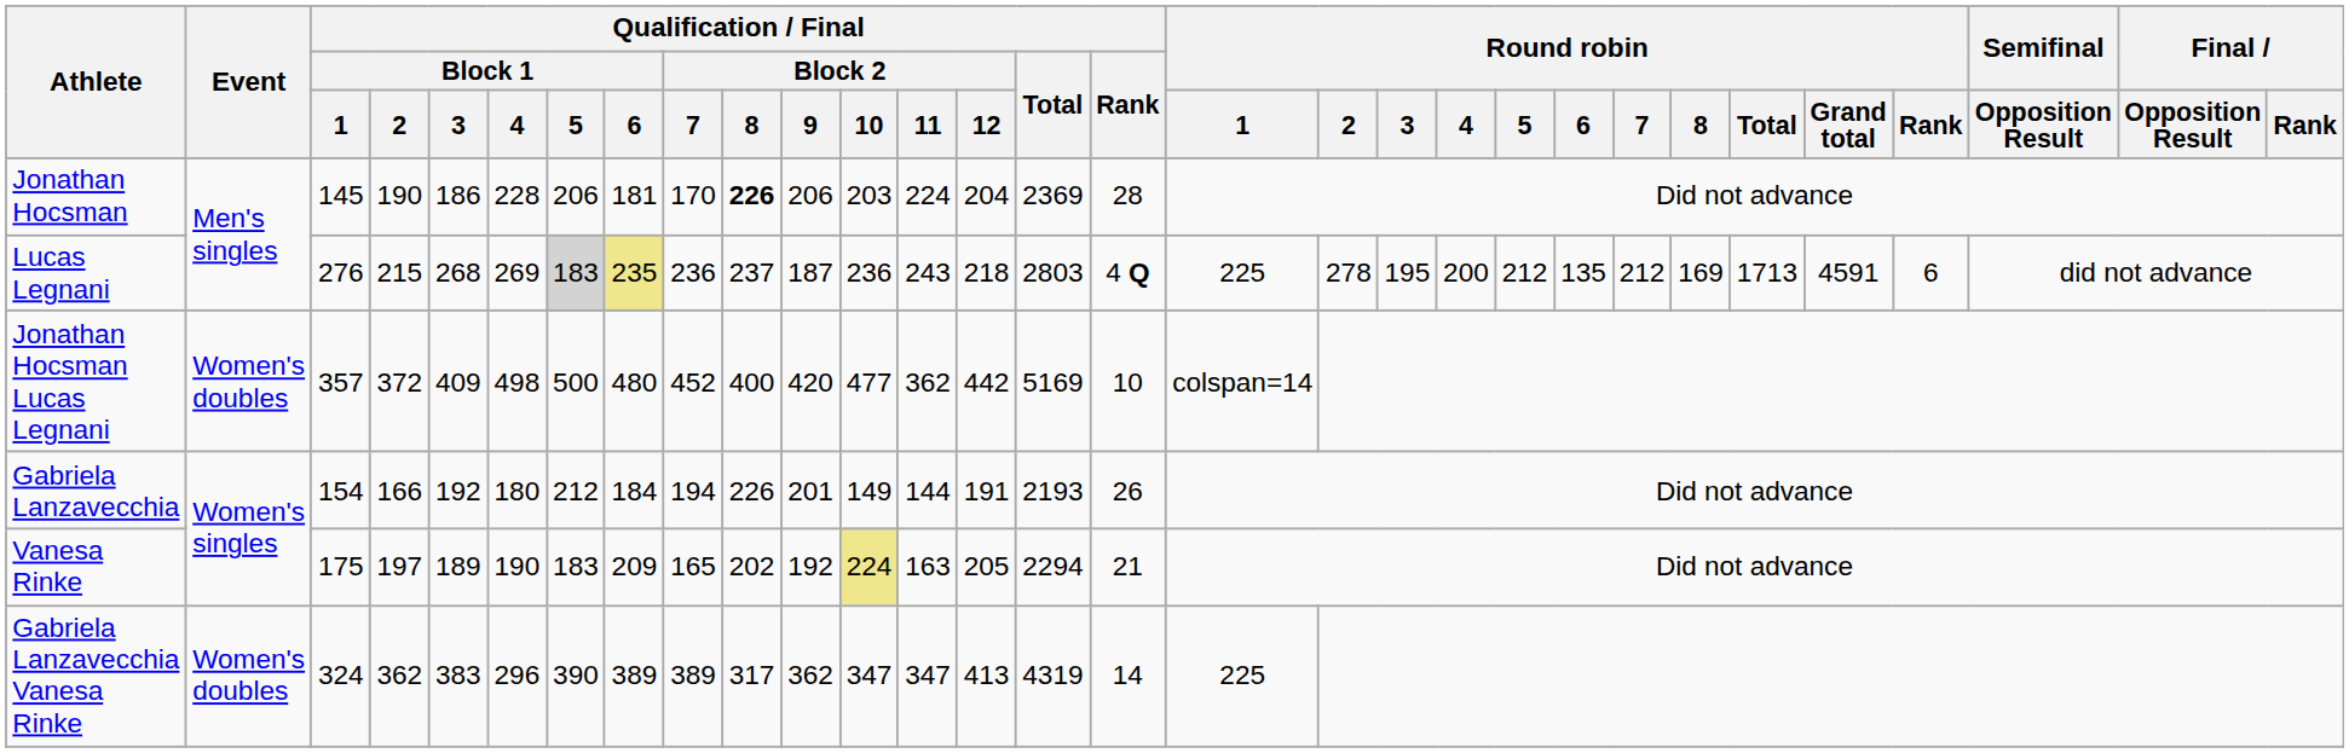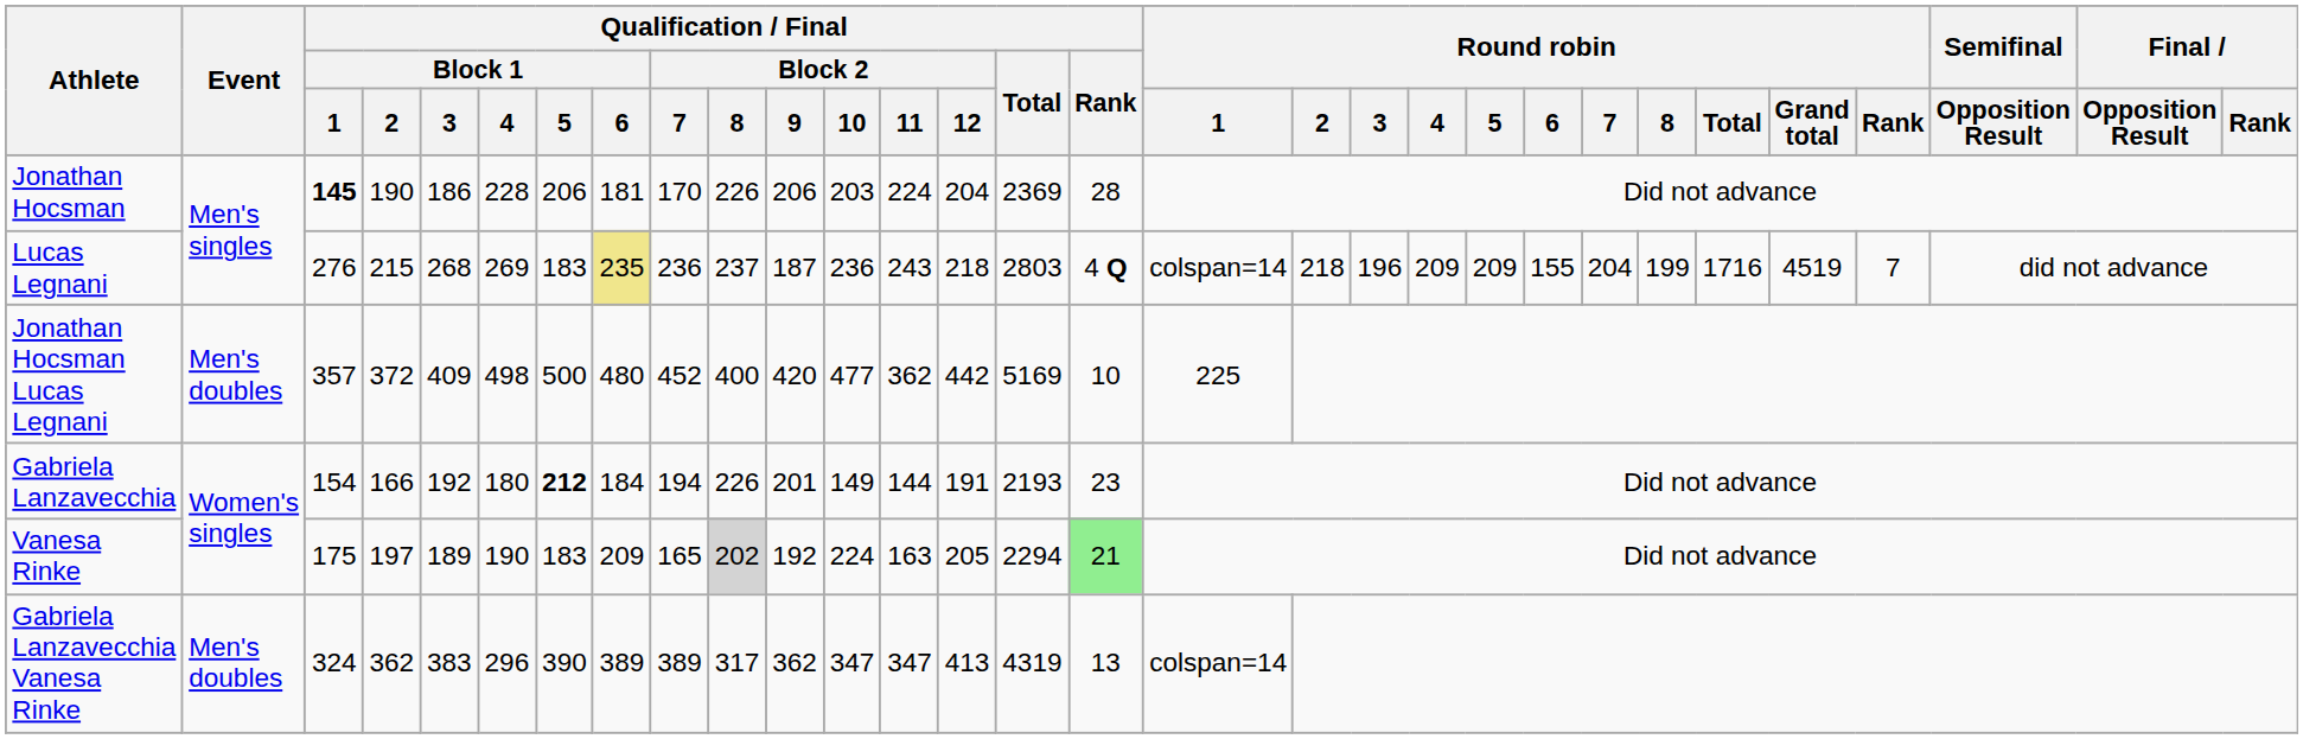 <table class="wikitable" style="font-size:75%;text-align:center">
 <tr>
 <th rowspan=3>Athlete</th>
 <th rowspan=3>Event</th>
 <th colspan=14>Qualification / Final</th>
 <th colspan=11 rowspan=2>Round robin</th>
 <th rowspan=2>Semifinal</th>
 <th rowspan=2 colspan=2>Final / </th>
 </tr>
 <tr style=font-size:95%>
 <th colspan=6>Block 1</th>
 <th colspan=6>Block 2</th>
 <th rowspan=2>Total</th>
 <th rowspan=2>Rank</th>
 </tr>
 <tr style=font-size:95%>
 <th>1</th>
 <th>2</th>
 <th>3</th>
 <th>4</th>
 <th>5</th>
 <th>6</th>
 <th>7</th>
 <th>8</th>
 <th>9</th>
 <th>10</th>
 <th>11</th>
 <th>12</th>
 <th>1</th>
 <th>2</th>
 <th>3</th>
 <th>4</th>
 <th>5</th>
 <th>6</th>
 <th>7</th>
 <th>8</th>
 <th>Total</th>
 <th>Grand total</th>
 <th>Rank</th>
 <th>Opposition<br>Result</th>
 <th>Opposition<br>Result</th>
 <th>Rank</th>
 </tr>
 <tr>
 <td style="text-align:left"><a href='#'>Jonathan Hocsman</a></td>
 <td style="text-align:left" rowspan=2><a href='#'>Men's singles</a></td>
-<td>145</td>
+<td><strong>145</strong></td>
 <td>190</td>
 <td>186</td>
 <td>228</td>
 <td>206</td>
 <td>181</td>
 <td>170</td>
-<td><strong>226</strong></td>
+<td>226</td>
 <td>206</td>
 <td>203</td>
 <td>224</td>
 <td>204</td>
 <td>2369</td>
 <td>28</td>
 <td colspan=14>Did not advance</td>
 </tr>
 <tr>
 <td style="text-align:left"><a href='#'>Lucas Legnani</a></td>
 <td>276</td>
 <td>215</td>
 <td>268</td>
 <td>269</td>
-<td style="background: lightgrey;">183</td>
+<td>183</td>
 <td style="background: khaki;">235</td>
 <td>236</td>
 <td>237</td>
 <td>187</td>
 <td>236</td>
 <td>243</td>
 <td>218</td>
 <td>2803</td>
 <td>4 <strong>Q</strong></td>
-<td>225</td>
-<td>278</td>
-<td>195</td>
-<td>200</td>
-<td>212</td>
-<td>135</td>
-<td>212</td>
-<td>169</td>
-<td>1713</td>
-<td>4591</td>
-<td>6</td>
+<td>colspan=14 </td>
+<td>218</td>
+<td>196</td>
+<td>209</td>
+<td>209</td>
+<td>155</td>
+<td>204</td>
+<td>199</td>
+<td>1716</td>
+<td>4519</td>
+<td>7</td>
 <td colspan=3>did not advance</td>
 </tr>
 <tr>
 <td style="text-align:left"><a href='#'>Jonathan Hocsman</a><br><a href='#'>Lucas Legnani</a></td>
-<td style="text-align:left"><a href='#'>Women's doubles</a></td>
+<td style="text-align:left"><a href='#'>Men's doubles</a></td>
 <td>357</td>
 <td>372</td>
 <td>409</td>
 <td>498</td>
 <td>500</td>
 <td>480</td>
 <td>452</td>
 <td>400</td>
 <td>420</td>
 <td>477</td>
 <td>362</td>
 <td>442</td>
 <td>5169</td>
 <td>10</td>
-<td>colspan=14 </td>
+<td>225</td>
 </tr>
 <tr>
 <td style="text-align:left"><a href='#'>Gabriela Lanzavecchia</a></td>
 <td style="text-align:left" rowspan=2><a href='#'>Women's singles</a></td>
 <td>154</td>
 <td>166</td>
 <td>192</td>
 <td>180</td>
-<td>212</td>
+<td><strong>212</strong></td>
 <td>184</td>
 <td>194</td>
 <td>226</td>
 <td>201</td>
 <td>149</td>
 <td>144</td>
 <td>191</td>
 <td>2193</td>
-<td>26</td>
+<td>23</td>
 <td colspan=14>Did not advance</td>
 </tr>
 <tr>
 <td style="text-align:left"><a href='#'>Vanesa Rinke</a></td>
 <td>175</td>
 <td>197</td>
 <td>189</td>
 <td>190</td>
 <td>183</td>
 <td>209</td>
 <td>165</td>
-<td>202</td>
+<td style="background: lightgrey;">202</td>
 <td>192</td>
-<td style="background: khaki;">224</td>
+<td>224</td>
 <td>163</td>
 <td>205</td>
 <td>2294</td>
-<td>21</td>
+<td style="background: lightgreen;">21</td>
 <td colspan=14>Did not advance</td>
 </tr>
 <tr>
 <td style="text-align:left"><a href='#'>Gabriela Lanzavecchia</a><br><a href='#'>Vanesa Rinke</a></td>
-<td style="text-align:left"><a href='#'>Women's doubles</a></td>
+<td style="text-align:left"><a href='#'>Men's doubles</a></td>
 <td>324</td>
 <td>362</td>
 <td>383</td>
 <td>296</td>
 <td>390</td>
 <td>389</td>
 <td>389</td>
 <td>317</td>
 <td>362</td>
 <td>347</td>
 <td>347</td>
 <td>413</td>
 <td>4319</td>
-<td>14</td>
-<td>225</td>
+<td>13</td>
+<td>colspan=14 </td>
 </tr>
 </table>
